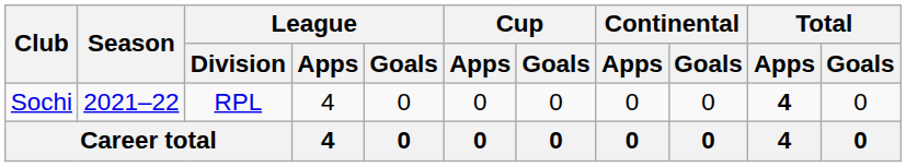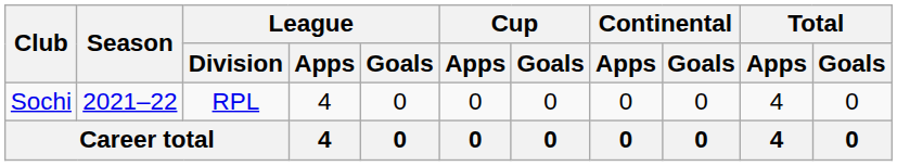 <table class="wikitable" style="text-align: center;">
 <tr>
 <th rowspan=2>Club</th>
 <th rowspan=2>Season</th>
 <th colspan=3>League</th>
 <th colspan=2>Cup</th>
 <th colspan=2>Continental</th>
 <th colspan=2>Total</th>
 </tr>
 <tr>
 <th>Division</th>
 <th>Apps</th>
 <th>Goals</th>
 <th>Apps</th>
 <th>Goals</th>
 <th>Apps</th>
 <th>Goals</th>
 <th>Apps</th>
 <th>Goals</th>
 </tr>
 <tr>
 <td><a href='#'>Sochi</a></td>
 <td><a href='#'>2021–22</a></td>
 <td><a href='#'>RPL</a></td>
 <td>4</td>
 <td>0</td>
 <td>0</td>
 <td>0</td>
 <td>0</td>
 <td>0</td>
-<td><strong>4</strong></td>
+<td>4</td>
 <td>0</td>
 </tr>
 <tr>
 <th colspan=3>Career total</th>
 <th>4</th>
 <th>0</th>
 <th>0</th>
 <th>0</th>
 <th>0</th>
 <th>0</th>
 <th>4</th>
 <th>0</th>
 </tr>
 </table>
